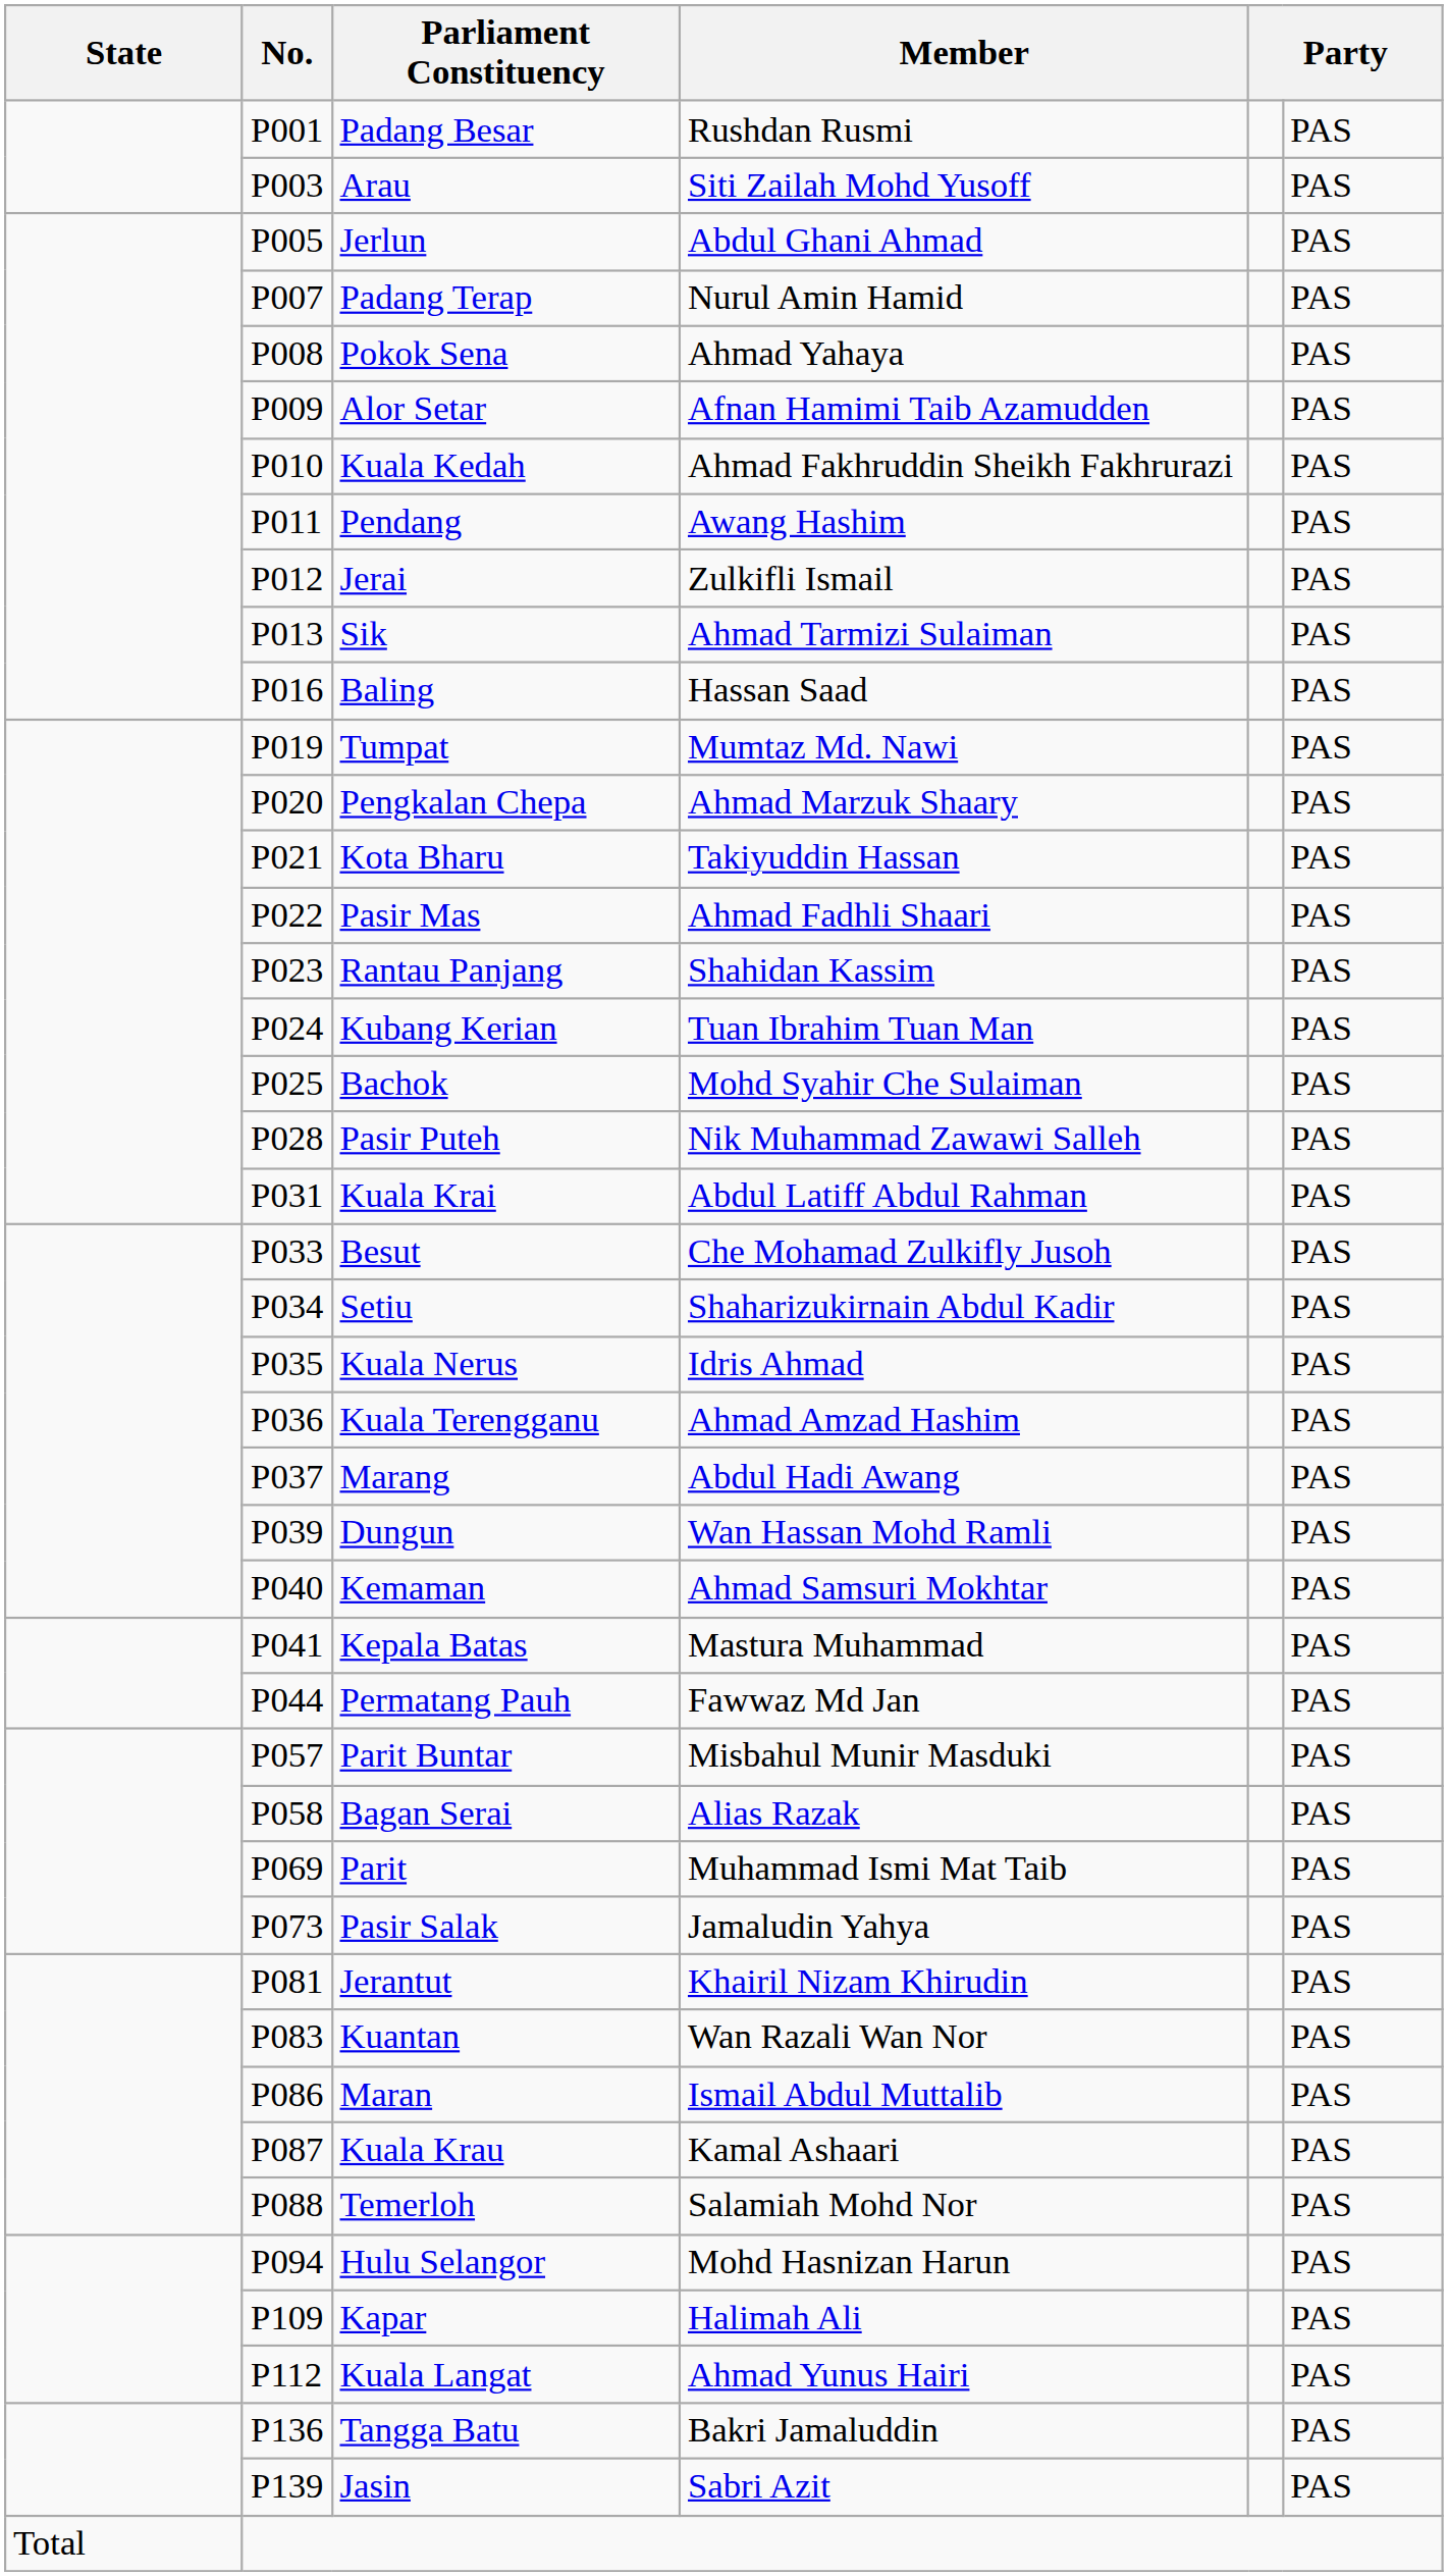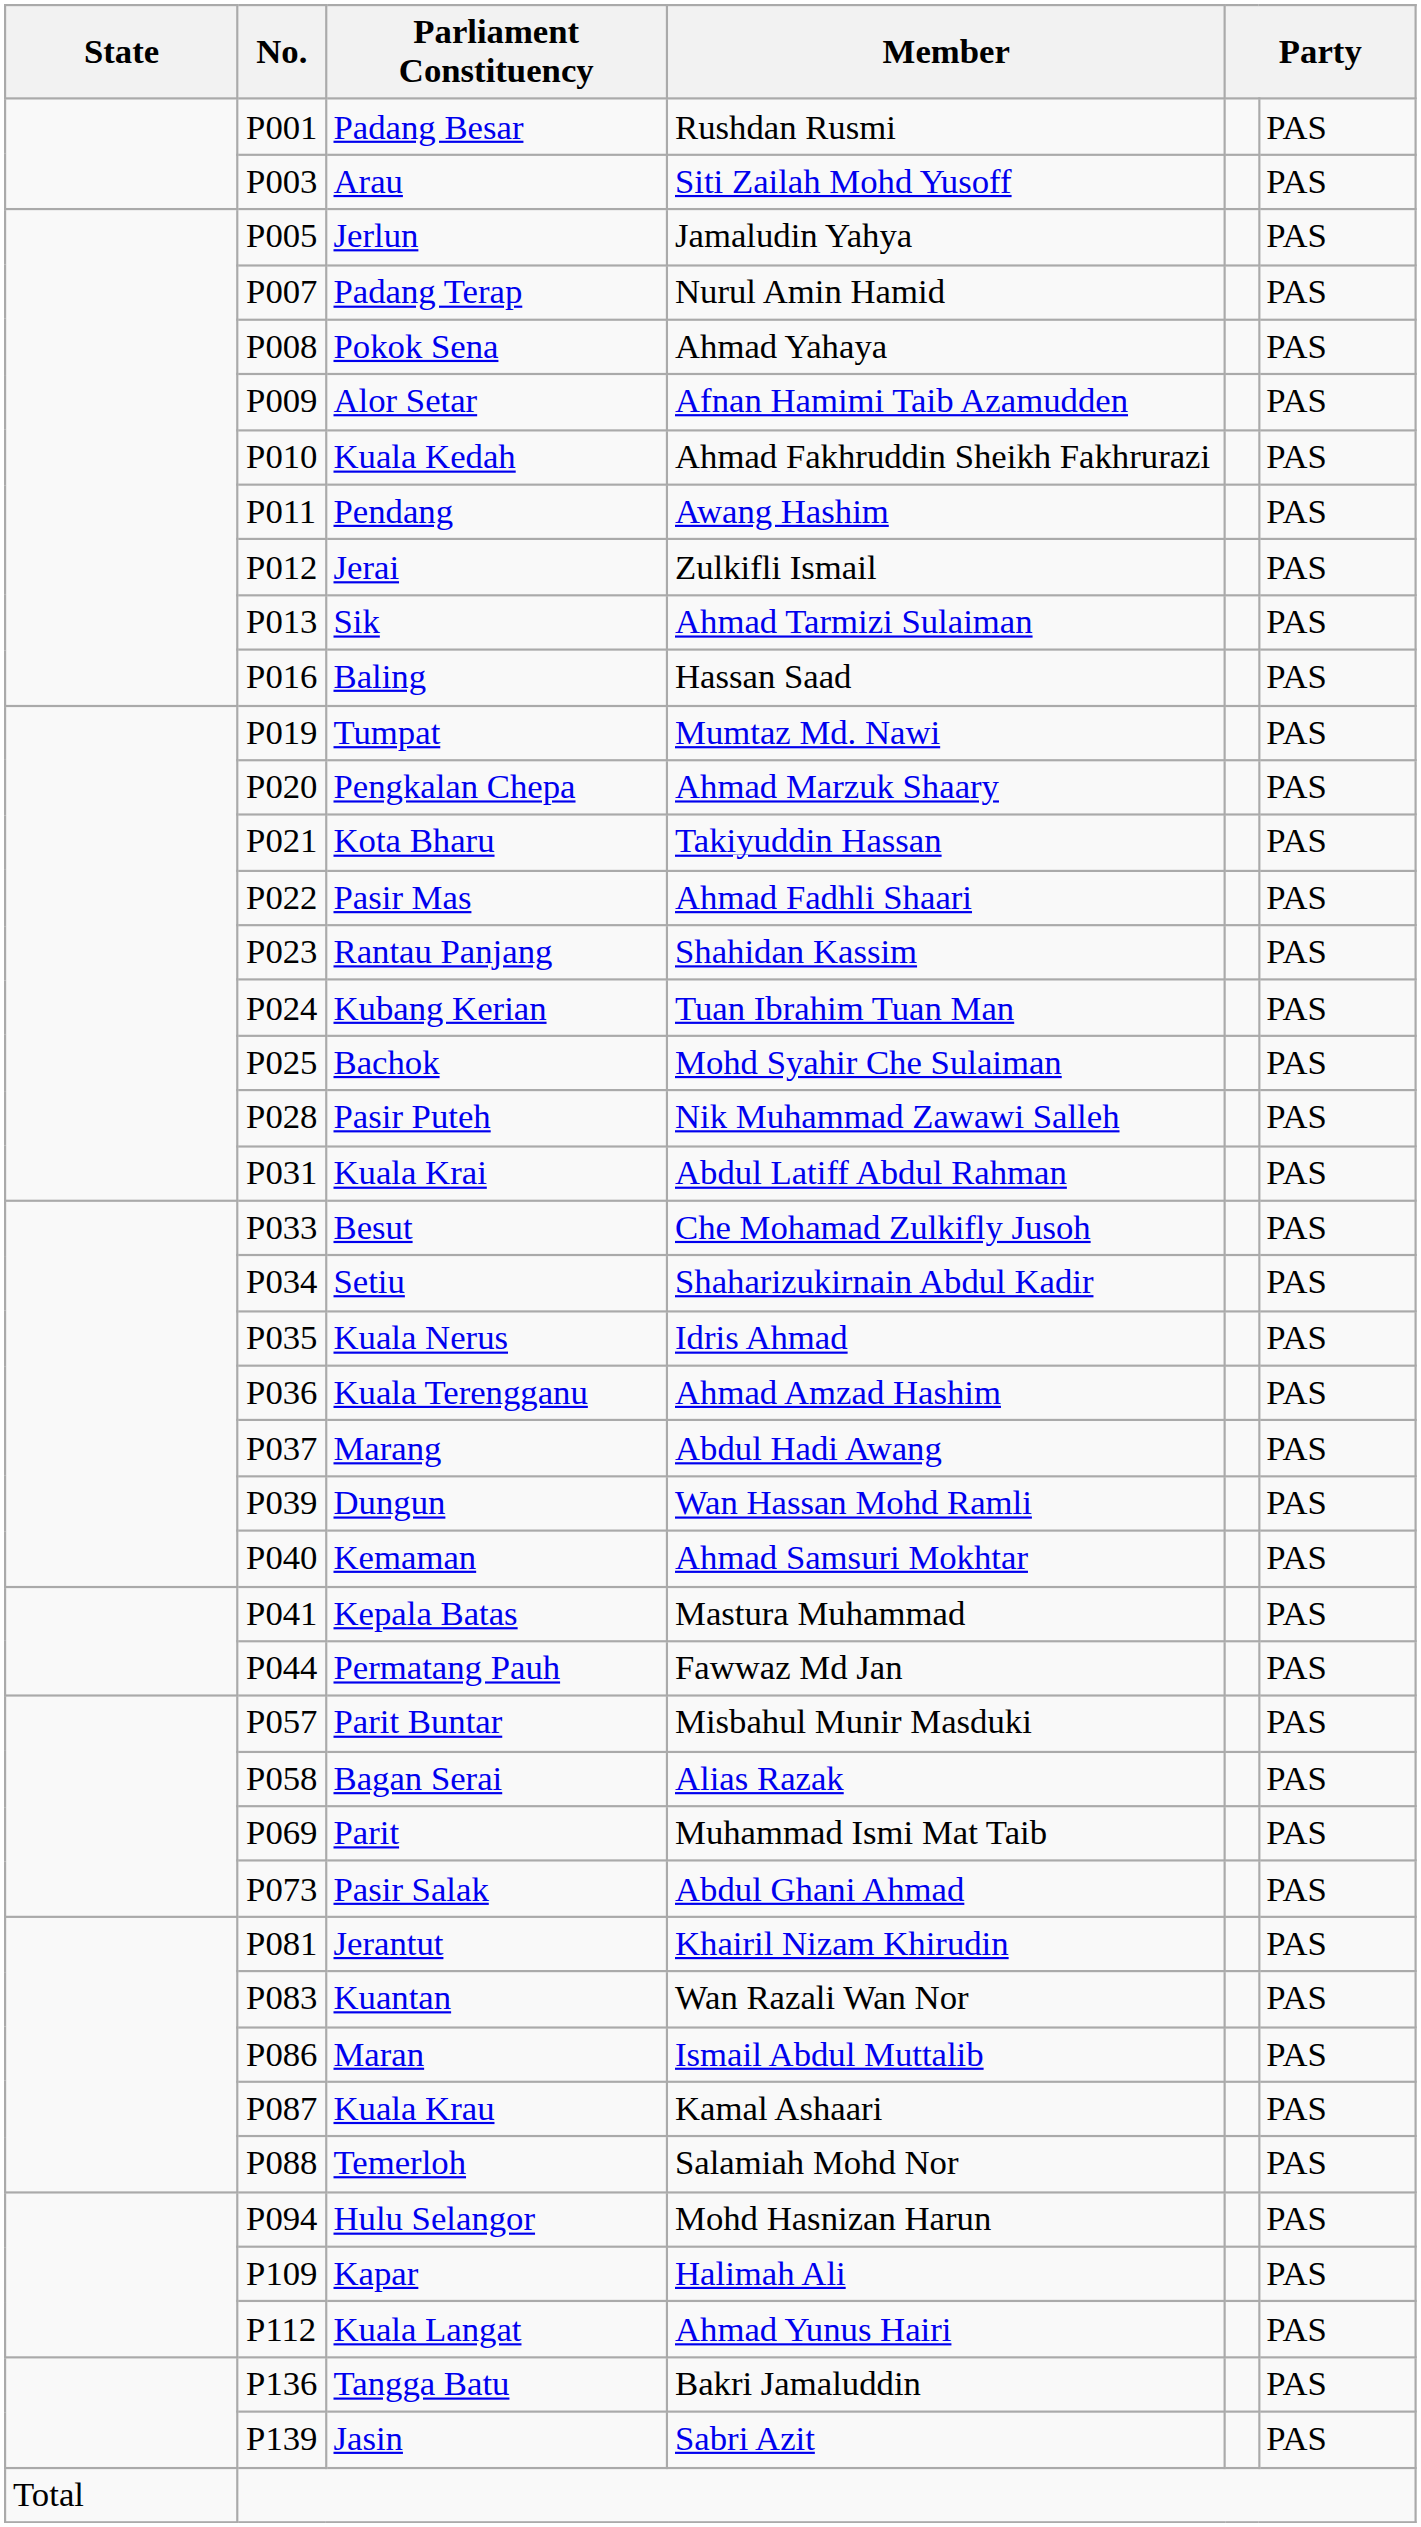 <table class ="wikitable sortable">
 <tr>
 <th style="width:100px;">State</th>
 <th style="width:30px;">No.</th>
 <th style="width:150px;">Parliament Constituency</th>
 <th style="width:250px;">Member</th>
 <th style="width:80px;" colspan=2>Party</th>
 </tr>
 <tr>
 <td rowspan=2></td>
 <td>P001</td>
 <td><a href='#'>Padang Besar</a></td>
 <td>Rushdan Rusmi</td>
 <td></td>
 <td>PAS</td>
 </tr>
 <tr>
 <td>P003</td>
 <td><a href='#'>Arau</a></td>
 <td><a href='#'>Siti Zailah Mohd Yusoff</a></td>
 <td></td>
 <td>PAS</td>
 </tr>
 <tr>
 <td rowspan=9></td>
 <td>P005</td>
 <td><a href='#'>Jerlun</a></td>
-<td><a href='#'>Abdul Ghani Ahmad</a></td>
+<td>Jamaludin Yahya</td>
 <td></td>
 <td>PAS</td>
 </tr>
 <tr>
 <td>P007</td>
 <td><a href='#'>Padang Terap</a></td>
 <td>Nurul Amin Hamid</td>
 <td></td>
 <td>PAS</td>
 </tr>
 <tr>
 <td>P008</td>
 <td><a href='#'>Pokok Sena</a></td>
 <td>Ahmad Yahaya</td>
 <td></td>
 <td>PAS</td>
 </tr>
 <tr>
 <td>P009</td>
 <td><a href='#'>Alor Setar</a></td>
 <td><a href='#'>Afnan Hamimi Taib Azamudden</a></td>
 <td></td>
 <td>PAS</td>
 </tr>
 <tr>
 <td>P010</td>
 <td><a href='#'>Kuala Kedah</a></td>
 <td>Ahmad Fakhruddin Sheikh Fakhrurazi</td>
 <td></td>
 <td>PAS</td>
 </tr>
 <tr>
 <td>P011</td>
 <td><a href='#'>Pendang</a></td>
 <td><a href='#'>Awang Hashim</a></td>
 <td></td>
 <td>PAS</td>
 </tr>
 <tr>
 <td>P012</td>
 <td><a href='#'>Jerai</a></td>
 <td>Zulkifli Ismail</td>
 <td></td>
 <td>PAS</td>
 </tr>
 <tr>
 <td>P013</td>
 <td><a href='#'>Sik</a></td>
 <td><a href='#'>Ahmad Tarmizi Sulaiman</a></td>
 <td></td>
 <td>PAS</td>
 </tr>
 <tr>
 <td>P016</td>
 <td><a href='#'>Baling</a></td>
 <td>Hassan Saad</td>
 <td></td>
 <td>PAS</td>
 </tr>
 <tr>
 <td rowspan=9></td>
 <td>P019</td>
 <td><a href='#'>Tumpat</a></td>
 <td><a href='#'>Mumtaz Md. Nawi</a></td>
 <td></td>
 <td>PAS</td>
 </tr>
 <tr>
 <td>P020</td>
 <td><a href='#'>Pengkalan Chepa</a></td>
 <td><a href='#'>Ahmad Marzuk Shaary</a></td>
 <td></td>
 <td>PAS</td>
 </tr>
 <tr>
 <td>P021</td>
 <td><a href='#'>Kota Bharu</a></td>
 <td><a href='#'>Takiyuddin Hassan</a></td>
 <td></td>
 <td>PAS</td>
 </tr>
 <tr>
 <td>P022</td>
 <td><a href='#'>Pasir Mas</a></td>
 <td><a href='#'>Ahmad Fadhli Shaari</a></td>
 <td></td>
 <td>PAS</td>
 </tr>
 <tr>
 <td>P023</td>
 <td><a href='#'>Rantau Panjang</a></td>
 <td><a href='#'>Shahidan Kassim</a></td>
 <td></td>
 <td>PAS</td>
 </tr>
 <tr>
 <td>P024</td>
 <td><a href='#'>Kubang Kerian</a></td>
 <td><a href='#'>Tuan Ibrahim Tuan Man</a></td>
 <td></td>
 <td>PAS</td>
 </tr>
 <tr>
 <td>P025</td>
 <td><a href='#'>Bachok</a></td>
 <td><a href='#'>Mohd Syahir Che Sulaiman</a></td>
 <td></td>
 <td>PAS</td>
 </tr>
 <tr>
 <td>P028</td>
 <td><a href='#'>Pasir Puteh</a></td>
 <td><a href='#'>Nik Muhammad Zawawi Salleh</a></td>
 <td></td>
 <td>PAS</td>
 </tr>
 <tr>
 <td>P031</td>
 <td><a href='#'>Kuala Krai</a></td>
 <td><a href='#'>Abdul Latiff Abdul Rahman</a></td>
 <td></td>
 <td>PAS</td>
 </tr>
 <tr>
 <td rowspan=7></td>
 <td>P033</td>
 <td><a href='#'>Besut</a></td>
 <td><a href='#'>Che Mohamad Zulkifly Jusoh</a></td>
 <td></td>
 <td>PAS</td>
 </tr>
 <tr>
 <td>P034</td>
 <td><a href='#'>Setiu</a></td>
 <td><a href='#'>Shaharizukirnain Abdul Kadir</a></td>
 <td></td>
 <td>PAS</td>
 </tr>
 <tr>
 <td>P035</td>
 <td><a href='#'>Kuala Nerus</a></td>
 <td><a href='#'>Idris Ahmad</a></td>
 <td></td>
 <td>PAS</td>
 </tr>
 <tr>
 <td>P036</td>
 <td><a href='#'>Kuala Terengganu</a></td>
 <td><a href='#'>Ahmad Amzad Hashim</a></td>
 <td></td>
 <td>PAS</td>
 </tr>
 <tr>
 <td>P037</td>
 <td><a href='#'>Marang</a></td>
 <td><a href='#'>Abdul Hadi Awang</a></td>
 <td></td>
 <td>PAS</td>
 </tr>
 <tr>
 <td>P039</td>
 <td><a href='#'>Dungun</a></td>
 <td><a href='#'>Wan Hassan Mohd Ramli</a></td>
 <td></td>
 <td>PAS</td>
 </tr>
 <tr>
 <td>P040</td>
 <td><a href='#'>Kemaman</a></td>
 <td><a href='#'>Ahmad Samsuri Mokhtar</a></td>
 <td></td>
 <td>PAS</td>
 </tr>
 <tr>
 <td rowspan=2></td>
 <td>P041</td>
 <td><a href='#'>Kepala Batas</a></td>
 <td>Mastura Muhammad</td>
 <td></td>
 <td>PAS</td>
 </tr>
 <tr>
 <td>P044</td>
 <td><a href='#'>Permatang Pauh</a></td>
 <td>Fawwaz Md Jan</td>
 <td></td>
 <td>PAS</td>
 </tr>
 <tr>
 <td rowspan=4></td>
 <td>P057</td>
 <td><a href='#'>Parit Buntar</a></td>
 <td>Misbahul Munir Masduki</td>
 <td></td>
 <td>PAS</td>
 </tr>
 <tr>
 <td>P058</td>
 <td><a href='#'>Bagan Serai</a></td>
 <td><a href='#'>Alias Razak</a></td>
 <td></td>
 <td>PAS</td>
 </tr>
 <tr>
 <td>P069</td>
 <td><a href='#'>Parit</a></td>
 <td>Muhammad Ismi Mat Taib</td>
 <td></td>
 <td>PAS</td>
 </tr>
 <tr>
 <td>P073</td>
 <td><a href='#'>Pasir Salak</a></td>
-<td>Jamaludin Yahya</td>
+<td><a href='#'>Abdul Ghani Ahmad</a></td>
 <td></td>
 <td>PAS</td>
 </tr>
 <tr>
 <td rowspan=5></td>
 <td>P081</td>
 <td><a href='#'>Jerantut</a></td>
 <td><a href='#'>Khairil Nizam Khirudin</a></td>
 <td></td>
 <td>PAS</td>
 </tr>
 <tr>
 <td>P083</td>
 <td><a href='#'>Kuantan</a></td>
 <td>Wan Razali Wan Nor</td>
 <td></td>
 <td>PAS</td>
 </tr>
 <tr>
 <td>P086</td>
 <td><a href='#'>Maran</a></td>
 <td><a href='#'>Ismail Abdul Muttalib</a></td>
 <td></td>
 <td>PAS</td>
 </tr>
 <tr>
 <td>P087</td>
 <td><a href='#'>Kuala Krau</a></td>
 <td>Kamal Ashaari</td>
 <td></td>
 <td>PAS</td>
 </tr>
 <tr>
 <td>P088</td>
 <td><a href='#'>Temerloh</a></td>
 <td>Salamiah Mohd Nor</td>
 <td></td>
 <td>PAS</td>
 </tr>
 <tr>
 <td rowspan=3></td>
 <td>P094</td>
 <td><a href='#'>Hulu Selangor</a></td>
 <td>Mohd Hasnizan Harun</td>
 <td></td>
 <td>PAS</td>
 </tr>
 <tr>
 <td>P109</td>
 <td><a href='#'>Kapar</a></td>
 <td><a href='#'>Halimah Ali</a></td>
 <td></td>
 <td>PAS</td>
 </tr>
 <tr>
 <td>P112</td>
 <td><a href='#'>Kuala Langat</a></td>
 <td><a href='#'>Ahmad Yunus Hairi</a></td>
 <td></td>
 <td>PAS</td>
 </tr>
 <tr>
 <td rowspan=2></td>
 <td>P136</td>
 <td><a href='#'>Tangga Batu</a></td>
 <td>Bakri Jamaluddin</td>
 <td></td>
 <td>PAS</td>
 </tr>
 <tr>
 <td>P139</td>
 <td><a href='#'>Jasin</a></td>
 <td><a href='#'>Sabri Azit</a></td>
 <td></td>
 <td>PAS</td>
 </tr>
 <tr>
 <td>Total</td>
 <td colspan="5" style="width:30px;"></td>
 </tr>
 </table>
